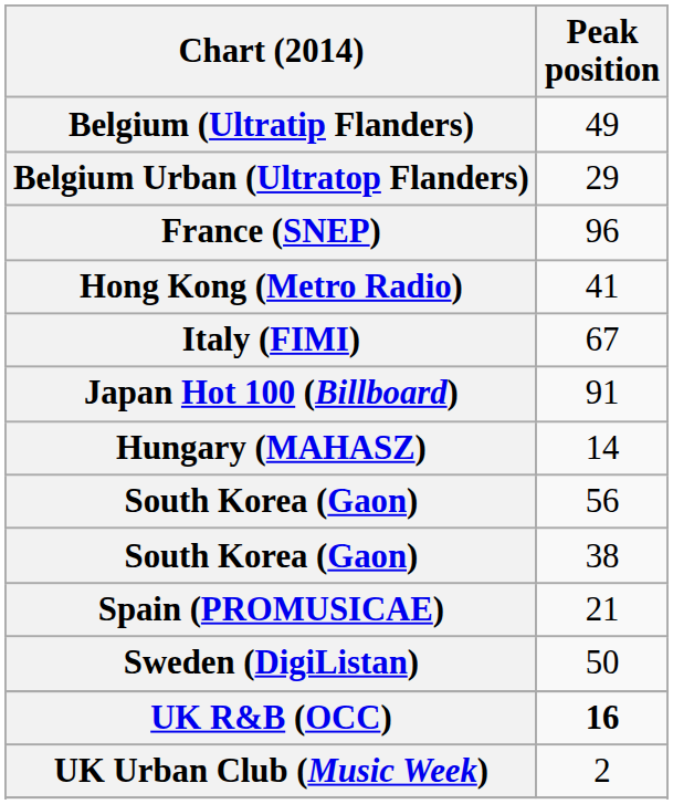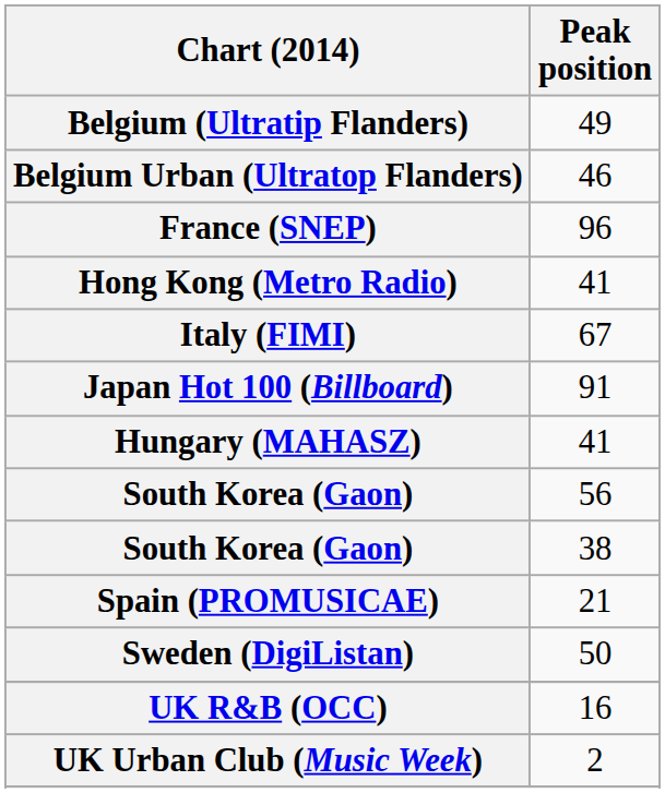 <table class="wikitable plainrowheaders sortable" style="text-align:center;">
 <tr>
 <th scope="col">Chart (2014)</th>
 <th scope="col">Peak<br>position</th>
 </tr>
 <tr>
 <th scope="row">Belgium (<a href='#'>Ultratip</a> Flanders)</th>
 <td>49</td>
 </tr>
 <tr>
 <th scope="row">Belgium Urban (<a href='#'>Ultratop</a> Flanders)</th>
-<td>29</td>
+<td>46</td>
 </tr>
 <tr>
 <th scope="row">France (<a href='#'>SNEP</a>)</th>
 <td>96</td>
 </tr>
 <tr>
 <th scope="row">Hong Kong (<a href='#'>Metro Radio</a>)</th>
 <td>41</td>
 </tr>
 <tr>
 <th scope="row">Italy (<a href='#'>FIMI</a>)</th>
 <td>67</td>
 </tr>
 <tr>
 <th scope="row">Japan <a href='#'>Hot 100</a> (<em><a href='#'>Billboard</a></em>)</th>
 <td>91</td>
 </tr>
 <tr>
 <th scope="row">Hungary (<a href='#'>MAHASZ</a>)</th>
-<td style="text-align:center;">14</td>
+<td style="text-align:center;">41</td>
 </tr>
 <tr>
 <th scope="row">South Korea (<a href='#'>Gaon</a>)</th>
 <td>56</td>
 </tr>
 <tr>
 <th scope="row">South Korea (<a href='#'>Gaon</a>) <br> </th>
 <td>38</td>
 </tr>
 <tr>
 <th scope="row">Spain (<a href='#'>PROMUSICAE</a>)</th>
 <td>21</td>
 </tr>
 <tr>
 <th scope="row">Sweden (<a href='#'>DigiListan</a>)</th>
 <td align="center">50</td>
 </tr>
 <tr>
 </tr>
 <tr>
 <th scope="row"><a href='#'>UK R&B</a> (<a href='#'>OCC</a>)</th>
-<td><strong>16</strong></td>
+<td>16</td>
 </tr>
 <tr>
 <th scope="row">UK Urban Club (<em><a href='#'>Music Week</a></em>)</th>
 <td>2</td>
 </tr>
 <tr>
 </tr>
 <tr>
 </tr>
 <tr>
 </tr>
 <tr>
 </tr>
 <tr>
 </tr>
 <tr>
 </tr>
 <tr>
 </tr>
 </table>
